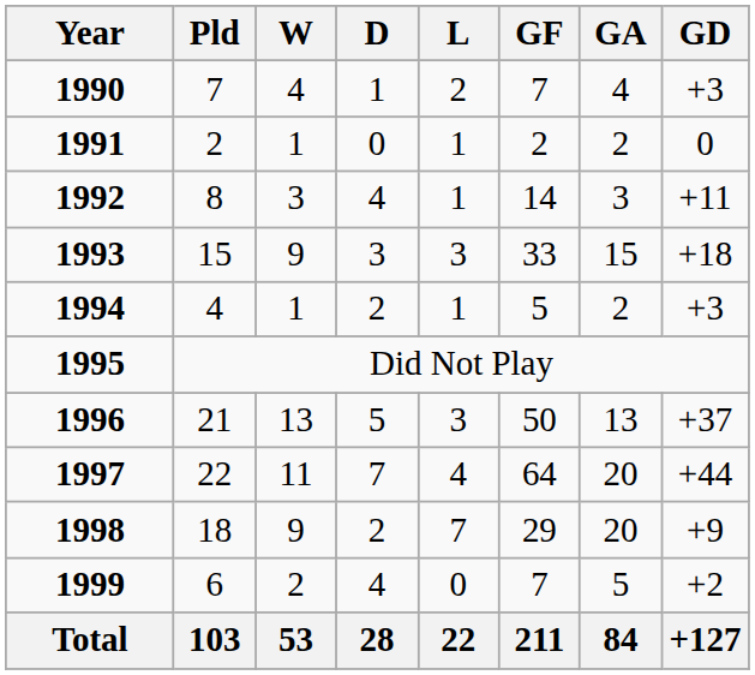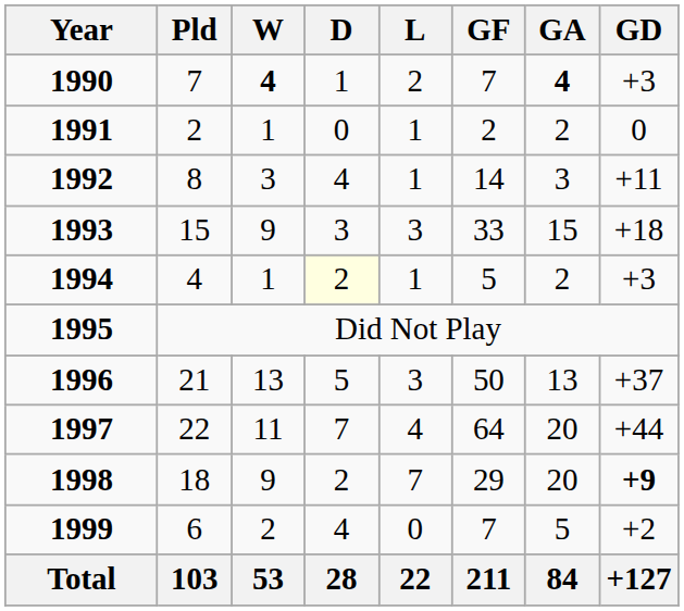 <table class="wikitable" style="text-align: center;">
 <tr>
 <th width=70>Year</th>
 <th width=30>Pld</th>
 <th width=30>W</th>
 <th width=30>D</th>
 <th width=30>L</th>
 <th width=30>GF</th>
 <th width=30>GA</th>
 <th width=30>GD</th>
 </tr>
 <tr>
 <td><strong>1990</strong></td>
 <td>7</td>
-<td>4</td>
+<td><strong>4</strong></td>
 <td>1</td>
 <td>2</td>
 <td>7</td>
-<td>4</td>
+<td><strong>4</strong></td>
 <td>+3</td>
 </tr>
 <tr>
 <td><strong>1991</strong></td>
 <td>2</td>
 <td>1</td>
 <td>0</td>
 <td>1</td>
 <td>2</td>
 <td>2</td>
 <td>0</td>
 </tr>
 <tr>
 <td><strong>1992</strong></td>
 <td>8</td>
 <td>3</td>
 <td>4</td>
 <td>1</td>
 <td>14</td>
 <td>3</td>
 <td>+11</td>
 </tr>
 <tr>
 <td><strong>1993</strong></td>
 <td>15</td>
 <td>9</td>
 <td>3</td>
 <td>3</td>
 <td>33</td>
 <td>15</td>
 <td>+18</td>
 </tr>
 <tr>
 <td><strong>1994</strong></td>
 <td>4</td>
 <td>1</td>
-<td>2</td>
+<td style="background: lightyellow;">2</td>
 <td>1</td>
 <td>5</td>
 <td>2</td>
 <td>+3</td>
 </tr>
 <tr>
 <td><strong>1995</strong></td>
 <td colspan=7>Did Not Play</td>
 </tr>
 <tr>
 <td><strong>1996</strong></td>
 <td>21</td>
 <td>13</td>
 <td>5</td>
 <td>3</td>
 <td>50</td>
 <td>13</td>
 <td>+37</td>
 </tr>
 <tr>
 <td><strong>1997</strong></td>
 <td>22</td>
 <td>11</td>
 <td>7</td>
 <td>4</td>
 <td>64</td>
 <td>20</td>
 <td>+44</td>
 </tr>
 <tr>
 <td><strong>1998</strong></td>
 <td>18</td>
 <td>9</td>
 <td>2</td>
 <td>7</td>
 <td>29</td>
 <td>20</td>
-<td>+9</td>
+<td><strong>+9</strong></td>
 </tr>
 <tr>
 <td><strong>1999</strong></td>
 <td>6</td>
 <td>2</td>
 <td>4</td>
 <td>0</td>
 <td>7</td>
 <td>5</td>
 <td>+2</td>
 </tr>
 <tr>
 <th>Total</th>
 <th>103</th>
 <th>53</th>
 <th>28</th>
 <th>22</th>
 <th>211</th>
 <th>84</th>
 <th>+127</th>
 </tr>
 </table>
